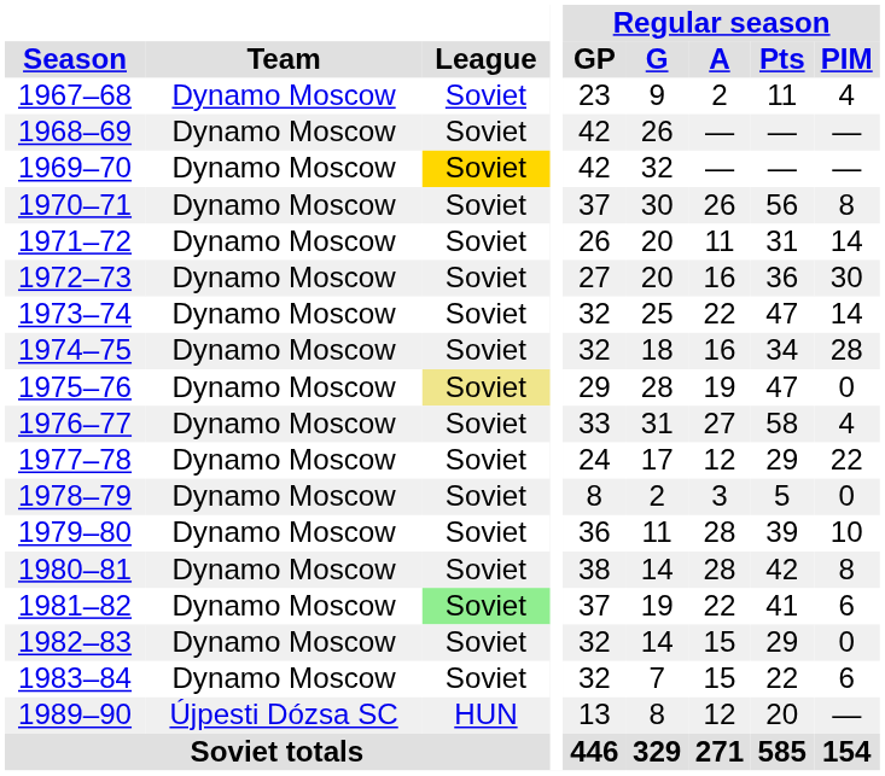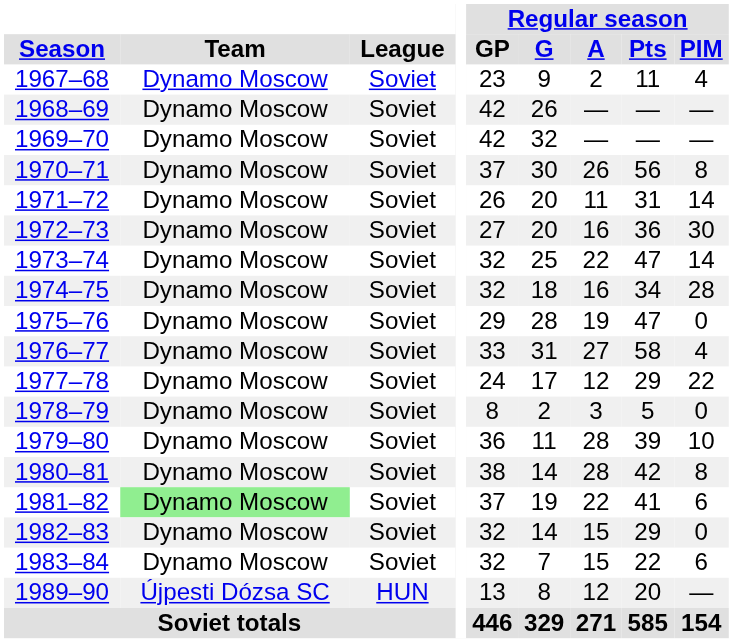 <table border="0" cellpadding="1" cellspacing="0" style="text-align:center; width:30em">
 <tr bgcolor="#e0e0e0">
 <th colspan="3" bgcolor="#ffffff"> </th>
 <th rowspan="99" bgcolor="#ffffff"> </th>
 <th colspan="5"><a href='#'>Regular season</a></th>
 </tr>
 <tr bgcolor="#e0e0e0">
 <th><a href='#'>Season</a></th>
 <th>Team</th>
 <th>League</th>
 <th>GP</th>
 <th><a href='#'>G</a></th>
 <th><a href='#'>A</a></th>
 <th><a href='#'>Pts</a></th>
 <th><a href='#'>PIM</a></th>
 </tr>
 <tr>
 <td><a href='#'>1967–68</a></td>
 <td><a href='#'>Dynamo Moscow</a></td>
 <td><a href='#'>Soviet</a></td>
 <td>23</td>
 <td>9</td>
 <td>2</td>
 <td>11</td>
 <td>4</td>
 </tr>
 <tr bgcolor="#f0f0f0">
 <td><a href='#'>1968–69</a></td>
 <td>Dynamo Moscow</td>
 <td>Soviet</td>
 <td>42</td>
 <td>26</td>
 <td>—</td>
 <td>—</td>
 <td>—</td>
 </tr>
 <tr>
 <td><a href='#'>1969–70</a></td>
 <td>Dynamo Moscow</td>
-<td style="background: gold;">Soviet</td>
+<td>Soviet</td>
 <td>42</td>
 <td>32</td>
 <td>—</td>
 <td>—</td>
 <td>—</td>
 </tr>
 <tr bgcolor="#f0f0f0">
 <td><a href='#'>1970–71</a></td>
 <td>Dynamo Moscow</td>
 <td>Soviet</td>
 <td>37</td>
 <td>30</td>
 <td>26</td>
 <td>56</td>
 <td>8</td>
 </tr>
 <tr>
 <td><a href='#'>1971–72</a></td>
 <td>Dynamo Moscow</td>
 <td>Soviet</td>
 <td>26</td>
 <td>20</td>
 <td>11</td>
 <td>31</td>
 <td>14</td>
 </tr>
 <tr bgcolor="#f0f0f0">
 <td><a href='#'>1972–73</a></td>
 <td>Dynamo Moscow</td>
 <td>Soviet</td>
 <td>27</td>
 <td>20</td>
 <td>16</td>
 <td>36</td>
 <td>30</td>
 </tr>
 <tr>
 <td><a href='#'>1973–74</a></td>
 <td>Dynamo Moscow</td>
 <td>Soviet</td>
 <td>32</td>
 <td>25</td>
 <td>22</td>
 <td>47</td>
 <td>14</td>
 </tr>
 <tr bgcolor="#f0f0f0">
 <td><a href='#'>1974–75</a></td>
 <td>Dynamo Moscow</td>
 <td>Soviet</td>
 <td>32</td>
 <td>18</td>
 <td>16</td>
 <td>34</td>
 <td>28</td>
 </tr>
 <tr>
 <td><a href='#'>1975–76</a></td>
 <td>Dynamo Moscow</td>
-<td style="background: khaki;">Soviet</td>
+<td>Soviet</td>
 <td>29</td>
 <td>28</td>
 <td>19</td>
 <td>47</td>
 <td>0</td>
 </tr>
 <tr bgcolor="#f0f0f0">
 <td><a href='#'>1976–77</a></td>
 <td>Dynamo Moscow</td>
 <td>Soviet</td>
 <td>33</td>
 <td>31</td>
 <td>27</td>
 <td>58</td>
 <td>4</td>
 </tr>
 <tr>
 <td><a href='#'>1977–78</a></td>
 <td>Dynamo Moscow</td>
 <td>Soviet</td>
 <td>24</td>
 <td>17</td>
 <td>12</td>
 <td>29</td>
 <td>22</td>
 </tr>
 <tr bgcolor="#f0f0f0">
 <td><a href='#'>1978–79</a></td>
 <td>Dynamo Moscow</td>
 <td>Soviet</td>
 <td>8</td>
 <td>2</td>
 <td>3</td>
 <td>5</td>
 <td>0</td>
 </tr>
 <tr>
 <td><a href='#'>1979–80</a></td>
 <td>Dynamo Moscow</td>
 <td>Soviet</td>
 <td>36</td>
 <td>11</td>
 <td>28</td>
 <td>39</td>
 <td>10</td>
 </tr>
 <tr bgcolor="#f0f0f0">
 <td><a href='#'>1980–81</a></td>
 <td>Dynamo Moscow</td>
 <td>Soviet</td>
 <td>38</td>
 <td>14</td>
 <td>28</td>
 <td>42</td>
 <td>8</td>
 </tr>
 <tr>
 <td><a href='#'>1981–82</a></td>
-<td>Dynamo Moscow</td>
-<td style="background: lightgreen;">Soviet</td>
+<td style="background: lightgreen;">Dynamo Moscow</td>
+<td>Soviet</td>
 <td>37</td>
 <td>19</td>
 <td>22</td>
 <td>41</td>
 <td>6</td>
 </tr>
 <tr bgcolor="#f0f0f0">
 <td><a href='#'>1982–83</a></td>
 <td>Dynamo Moscow</td>
 <td>Soviet</td>
 <td>32</td>
 <td>14</td>
 <td>15</td>
 <td>29</td>
 <td>0</td>
 </tr>
 <tr>
 <td><a href='#'>1983–84</a></td>
 <td>Dynamo Moscow</td>
 <td>Soviet</td>
 <td>32</td>
 <td>7</td>
 <td>15</td>
 <td>22</td>
 <td>6</td>
 </tr>
 <tr bgcolor="#f0f0f0">
 <td><a href='#'>1989–90</a></td>
 <td><a href='#'>Újpesti Dózsa SC</a></td>
 <td><a href='#'>HUN</a></td>
 <td>13</td>
 <td>8</td>
 <td>12</td>
 <td>20</td>
 <td>—</td>
 </tr>
 <tr bgcolor="#e0e0e0">
 <th colspan="3">Soviet totals</th>
 <th>446</th>
 <th>329</th>
 <th>271</th>
 <th>585</th>
 <th>154</th>
 </tr>
 </table>
